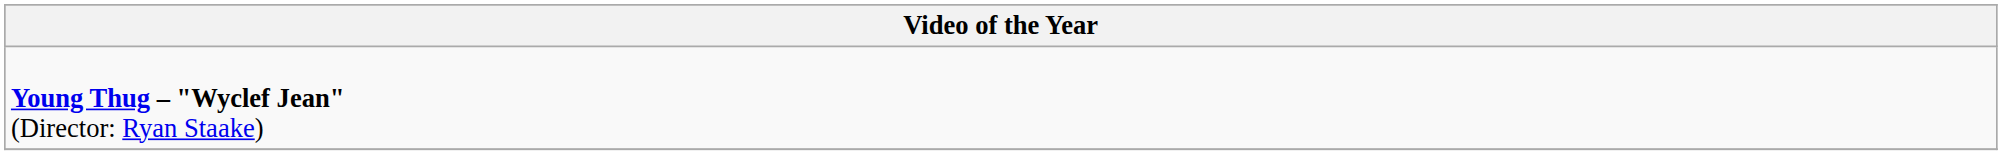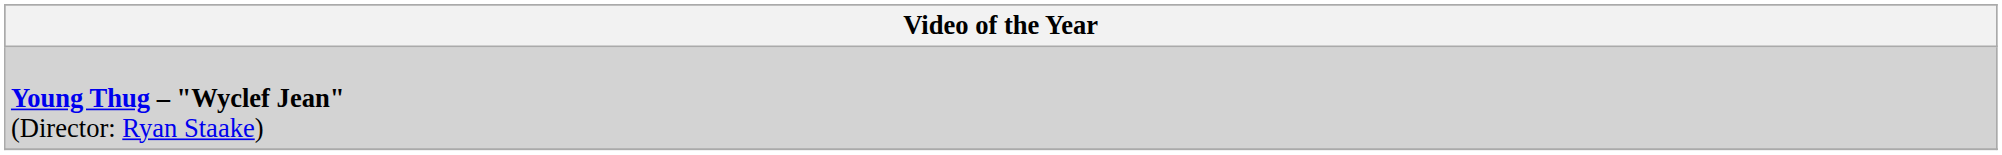 <table class="wikitable" style="width:95%">
 <tr bgcolor="#bebebe">
 <th width="100%">Video of the Year</th>
 </tr>
 <tr>
-<td valign="top"><br><strong><a href='#'>Young Thug</a> – "Wyclef Jean"</strong> <br> (Director: <a href='#'>Ryan Staake</a>)</td>
+<td valign="top" style="background: lightgrey;"><br><strong><a href='#'>Young Thug</a> – "Wyclef Jean"</strong> <br> (Director: <a href='#'>Ryan Staake</a>)</td>
 </tr>
 <tr>
 </tr>
 </table>
